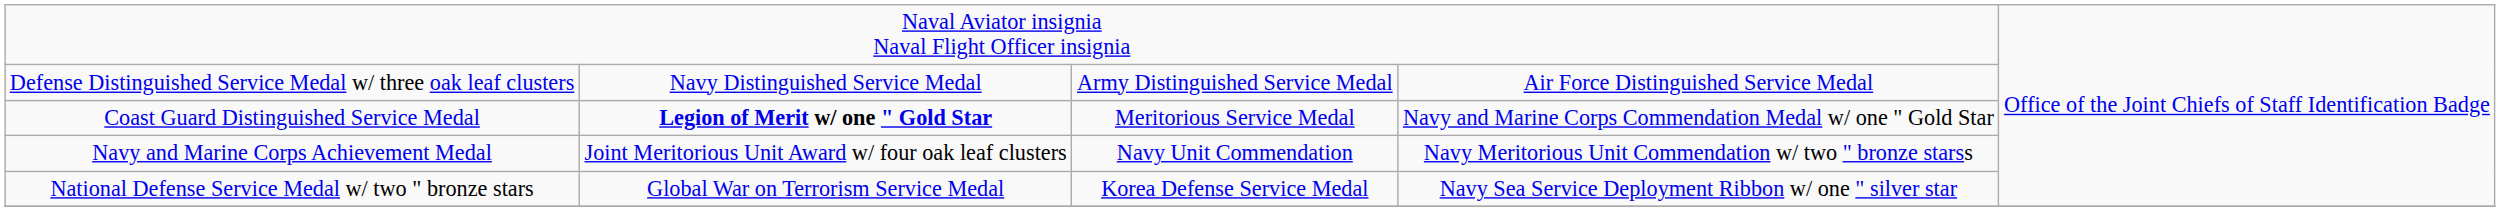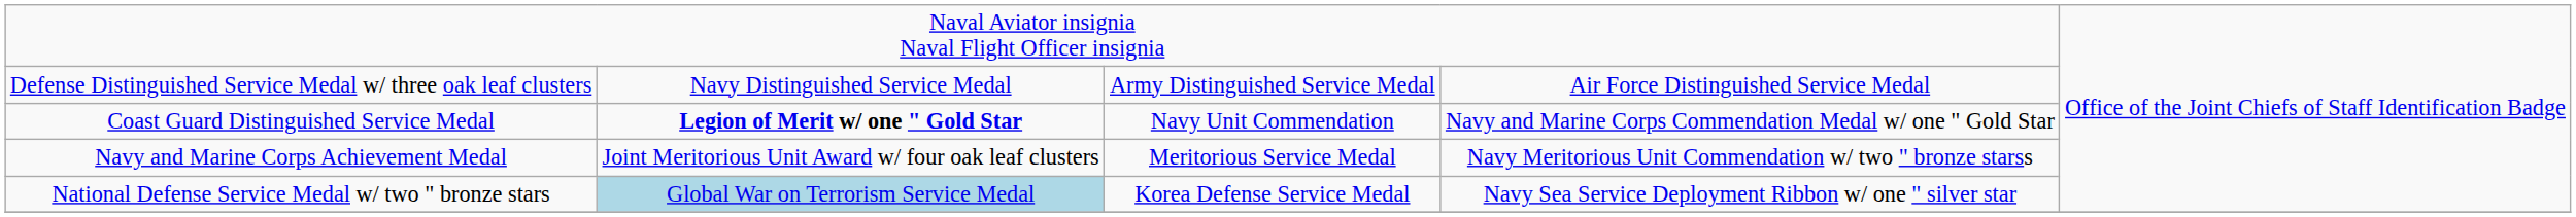 <table class="wikitable" style="margin:1em auto; text-align:center;">
 <tr>
 <td colspan="4"><a href='#'>Naval Aviator insignia</a><br><a href='#'>Naval Flight Officer insignia</a></td>
 <td rowspan="5" align="center"><a href='#'>Office of the Joint Chiefs of Staff Identification Badge</a></td>
 </tr>
 <tr>
 <td><a href='#'>Defense Distinguished Service Medal</a> w/ three <a href='#'>oak leaf clusters</a></td>
 <td><a href='#'>Navy Distinguished Service Medal</a></td>
 <td><a href='#'>Army Distinguished Service Medal</a></td>
 <td><a href='#'>Air Force Distinguished Service Medal</a></td>
 </tr>
 <tr>
 <td><a href='#'>Coast Guard Distinguished Service Medal</a></td>
 <td><strong><a href='#'>Legion of Merit</a> w/ one <a href='#'>" Gold Star</a></strong></td>
-<td><a href='#'>Meritorious Service Medal</a></td>
+<td><a href='#'>Navy Unit Commendation</a></td>
 <td><a href='#'>Navy and Marine Corps Commendation Medal</a> w/ one " Gold Star</td>
 </tr>
 <tr>
 <td><a href='#'>Navy and Marine Corps Achievement Medal</a></td>
 <td><a href='#'>Joint Meritorious Unit Award</a> w/ four oak leaf clusters</td>
-<td><a href='#'>Navy Unit Commendation</a></td>
+<td><a href='#'>Meritorious Service Medal</a></td>
 <td><a href='#'>Navy Meritorious Unit Commendation</a> w/ two <a href='#'>" bronze stars</a>s</td>
 </tr>
 <tr>
 <td><a href='#'>National Defense Service Medal</a> w/ two " bronze stars</td>
-<td><a href='#'>Global War on Terrorism Service Medal</a></td>
+<td style="background: lightblue;"><a href='#'>Global War on Terrorism Service Medal</a></td>
 <td><a href='#'>Korea Defense Service Medal</a></td>
 <td><a href='#'>Navy Sea Service Deployment Ribbon</a> w/ one <a href='#'>" silver star</a></td>
 </tr>
 <tr>
 </tr>
 </table>
